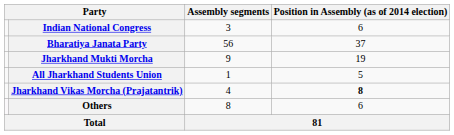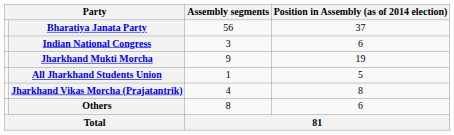 <table class="wikitable" style="text-align:center">
 <tr>
 <th colspan=2>Party</th>
 <th>Assembly segments</th>
 <th>Position in Assembly (as of 2014 election)</th>
 </tr>
 <tr>
 <td></td>
+<th><a href='#'>Bharatiya Janata Party</a></th>
+<td>56</td>
+<td>37</td>
+</tr>
+<tr>
+<td></td>
 <th><a href='#'>Indian National Congress</a></th>
 <td>3</td>
 <td>6</td>
-</tr>
-<tr>
-<td></td>
-<th><a href='#'>Bharatiya Janata Party</a></th>
-<td>56</td>
-<td>37</td>
 </tr>
 <tr>
 <td></td>
 <th><a href='#'>Jharkhand Mukti Morcha</a></th>
 <td>9</td>
 <td>19</td>
 </tr>
 <tr>
 <td></td>
 <th><a href='#'>All Jharkhand Students Union</a></th>
 <td>1</td>
 <td>5</td>
 </tr>
 <tr>
 <td></td>
 <th><a href='#'>Jharkhand Vikas Morcha (Prajatantrik)</a></th>
 <td>4</td>
-<td><strong>8</strong></td>
+<td>8</td>
 </tr>
 <tr>
 <td bgcolor=#faf8fa></td>
 <th>Others</th>
 <td>8</td>
 <td>6</td>
 </tr>
 <tr>
 <th colspan=2>Total</th>
 <th colspan=2>81</th>
 </tr>
 </table>
